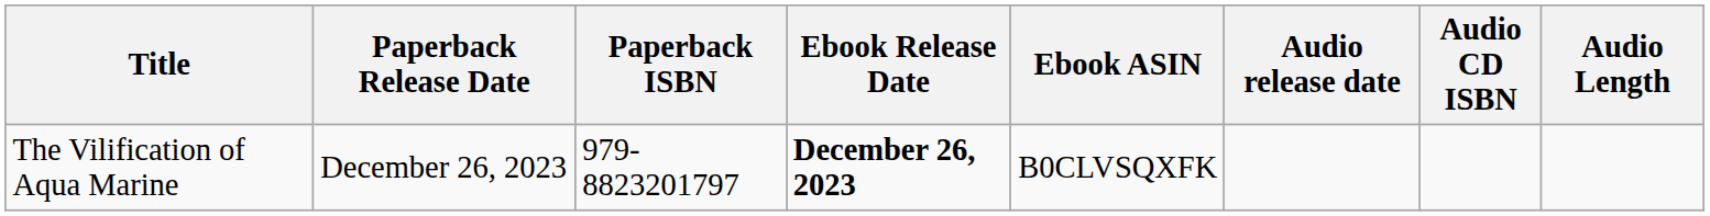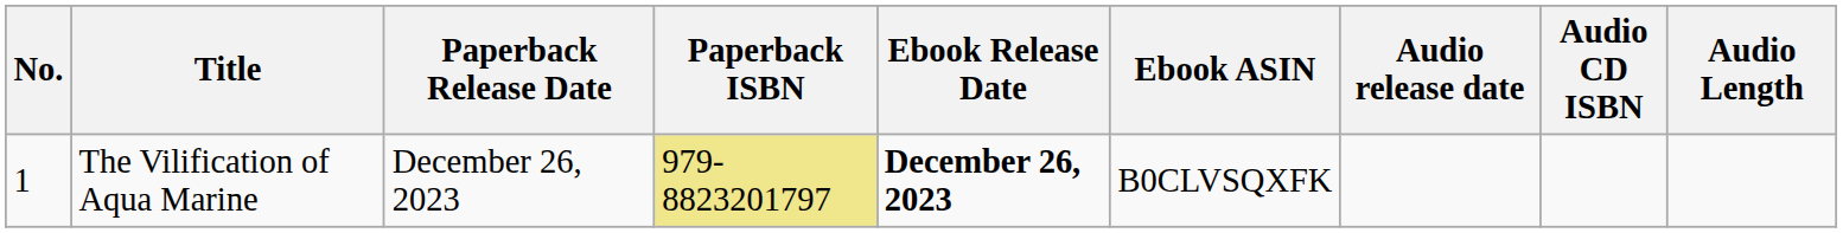 <table class="wikitable">
 <tr>
+<th>No.</th>
 <th>Title</th>
 <th>Paperback Release Date</th>
 <th>Paperback ISBN</th>
 <th>Ebook Release Date</th>
 <th>Ebook ASIN</th>
 <th>Audio release date</th>
 <th>Audio<br>CD ISBN</th>
 <th>Audio Length</th>
 </tr>
 <tr>
+<td>1</td>
 <td>The Vilification of Aqua Marine</td>
 <td>December 26, 2023</td>
-<td>979-8823201797</td>
+<td style="background: khaki;">979-8823201797</td>
 <td><strong>December 26, 2023</strong></td>
 <td>B0CLVSQXFK</td>
 <td></td>
 <td></td>
 <td></td>
 </tr>
 </table>
